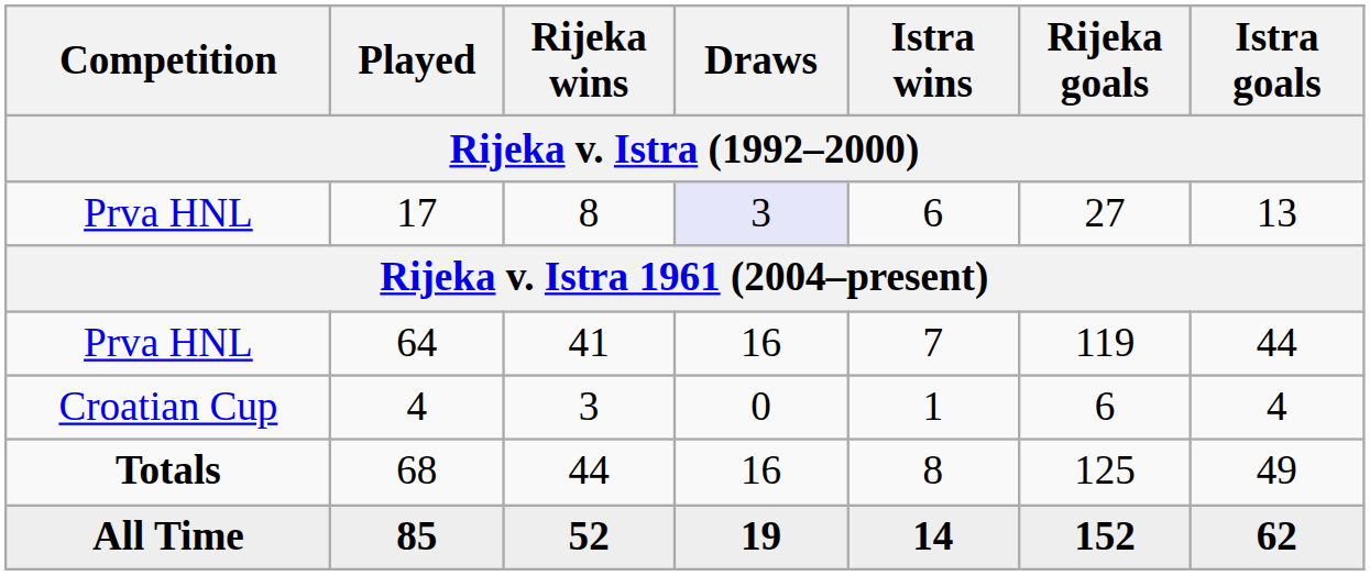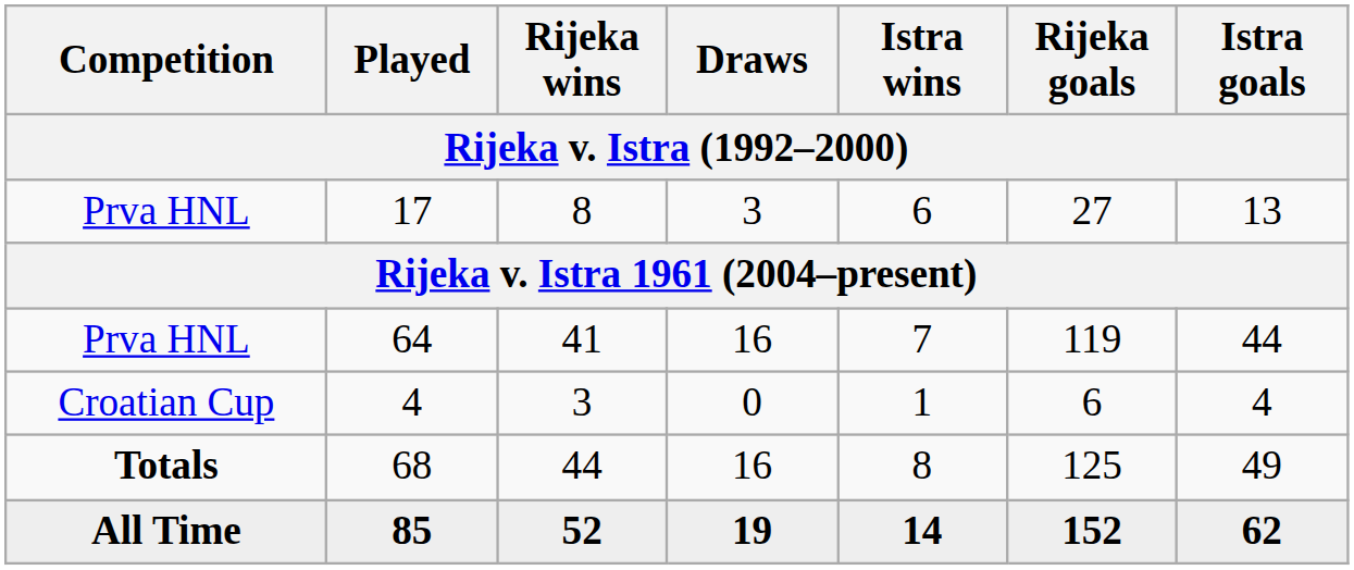 <table class="wikitable" style="text-align: center">
 <tr>
 <th width="120">Competition</th>
 <th width="60">Played</th>
 <th width="60">Rijeka wins</th>
 <th width="60">Draws</th>
 <th width="60">Istra wins</th>
 <th width="60">Rijeka goals</th>
 <th width="60">Istra goals</th>
 </tr>
 <tr>
 <th colspan="7"><a href='#'>Rijeka</a> v. <a href='#'>Istra</a> (1992–2000)</th>
 </tr>
 <tr>
 <td><a href='#'>Prva HNL</a></td>
 <td>17</td>
 <td>8</td>
-<td style="background: lavender;">3</td>
+<td>3</td>
 <td>6</td>
 <td>27</td>
 <td>13</td>
 </tr>
 <tr>
 <th colspan="7"><a href='#'>Rijeka</a> v. <a href='#'>Istra 1961</a> (2004–present)</th>
 </tr>
 <tr>
 <td><a href='#'>Prva HNL</a></td>
 <td>64</td>
 <td>41</td>
 <td>16</td>
 <td>7</td>
 <td>119</td>
 <td>44</td>
 </tr>
 <tr>
 <td><a href='#'>Croatian Cup</a></td>
 <td>4</td>
 <td>3</td>
 <td>0</td>
 <td>1</td>
 <td>6</td>
 <td>4</td>
 </tr>
 <tr>
 <td><strong>Totals</strong></td>
 <td>68</td>
 <td>44</td>
 <td>16</td>
 <td>8</td>
 <td>125</td>
 <td>49</td>
 </tr>
 <tr bgcolor=#EEEEEE>
 <td><strong>All Time</strong></td>
 <td><strong>85</strong></td>
 <td><strong>52</strong></td>
 <td><strong>19</strong></td>
 <td><strong>14</strong></td>
 <td><strong>152</strong></td>
 <td><strong>62</strong></td>
 </tr>
 </table>
